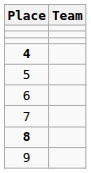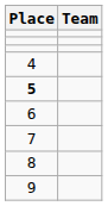 <table class="wikitable">
 <tr>
 <th>Place</th>
 <th>Team</th>
 </tr>
 <tr>
 <td align=center></td>
 <td></td>
 </tr>
 <tr>
 <td align=center></td>
 <td></td>
 </tr>
 <tr>
 <td align=center></td>
 <td></td>
 </tr>
 <tr>
-<td align=center><strong>4</strong></td>
+<td align=center>4</td>
 <td></td>
 </tr>
 <tr>
-<td align=center>5</td>
+<td align=center><strong>5</strong></td>
 <td></td>
 </tr>
 <tr>
 <td align=center>6</td>
 <td></td>
 </tr>
 <tr>
 <td align=center>7</td>
 <td></td>
 </tr>
 <tr>
-<td align=center><strong>8</strong></td>
+<td align=center>8</td>
 <td></td>
 </tr>
 <tr>
 <td align=center>9</td>
 <td></td>
 </tr>
 </table>
